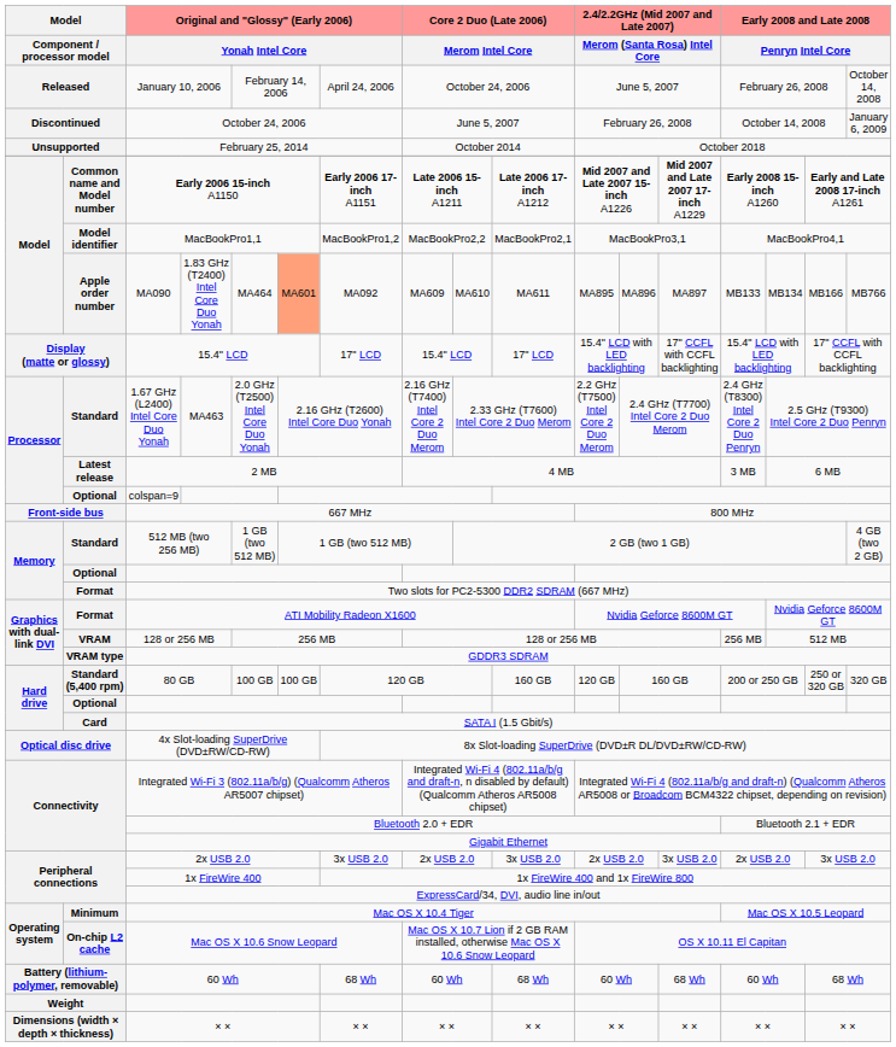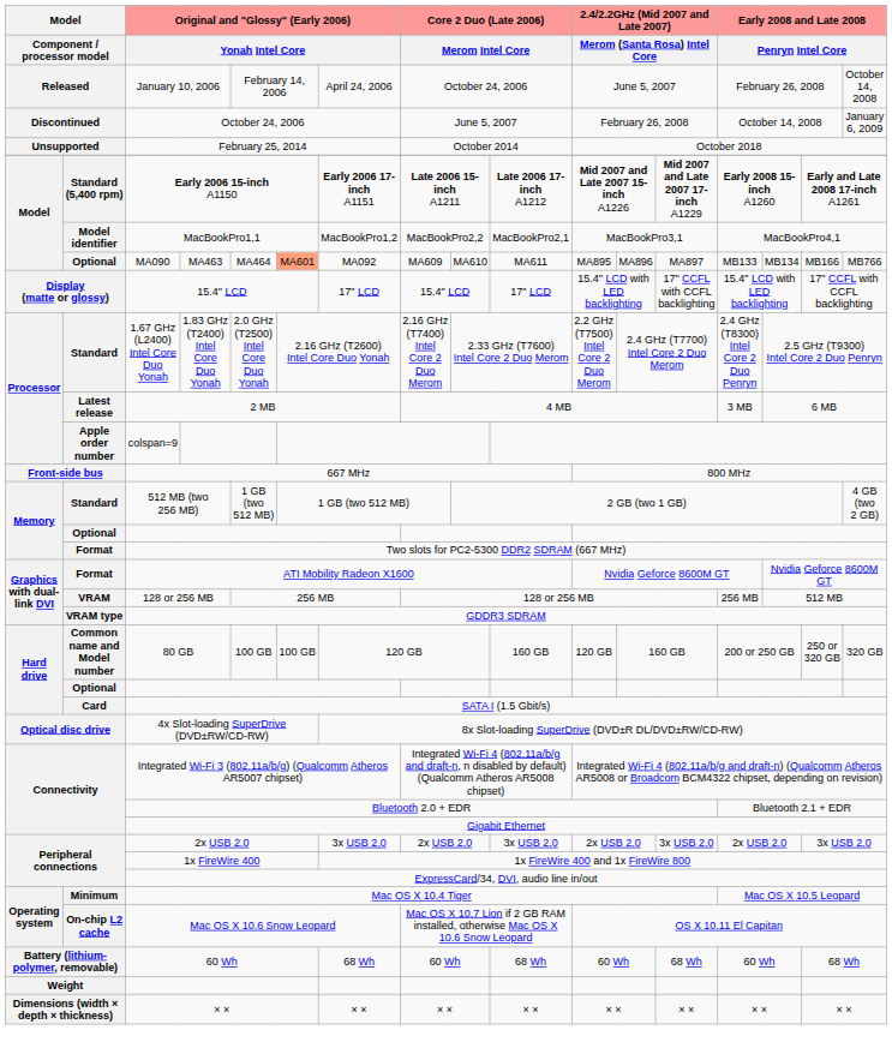 <table class="wikitable mw-collapsible" style="font-size:small; text-align:center">
 <tr>
 <th colspan=2>Model</th>
 <th colspan=5 style="background:#F99">Original and "Glossy" (Early 2006)</th>
 <th colspan=3 style="background:#F99">Core 2 Duo (Late 2006)</th>
 <th colspan=3 style="background:#F99">2.4/2.2GHz (Mid 2007 and Late 2007)</th>
 <th colspan=4 style="background:#F99">Early 2008 and Late 2008</th>
 </tr>
 <tr>
 <th colspan=2>Component / processor model</th>
 <th colspan=5><a href='#'>Yonah</a> <a href='#'>Intel Core</a></th>
 <th colspan=3><a href='#'>Merom</a> <a href='#'>Intel Core</a></th>
 <th colspan=3><a href='#'>Merom</a> (<a href='#'>Santa Rosa</a>) <a href='#'>Intel Core</a></th>
 <th colspan=4><a href='#'>Penryn</a> <a href='#'>Intel Core</a></th>
 </tr>
 <tr>
 <th colspan=2>Released</th>
 <td colspan=2>January 10, 2006</td>
 <td colspan=2>February 14, 2006</td>
 <td>April 24, 2006</td>
 <td colspan=3>October 24, 2006</td>
 <td colspan=3>June 5, 2007</td>
 <td colspan=3>February 26, 2008</td>
 <td>October 14, 2008</td>
 </tr>
 <tr>
 <th colspan=2>Discontinued</th>
 <td colspan=5>October 24, 2006</td>
 <td colspan=3>June 5, 2007</td>
 <td colspan=3>February 26, 2008</td>
 <td colspan=3>October 14, 2008</td>
 <td>January 6, 2009</td>
 </tr>
 <tr>
 <th colspan=2>Unsupported</th>
 <td colspan=5>February 25, 2014</td>
 <td colspan=3>October 2014</td>
 <td colspan=7>October 2018</td>
 </tr>
 <tr>
 </tr>
 <tr>
 <th rowspan=3>Model</th>
-<th>Common name and Model number</th>
+<th>Standard (5,400 rpm)</th>
 <td colspan=4><strong>Early 2006 15-inch</strong><br>A1150</td>
 <td><strong>Early 2006 17-inch</strong><br>A1151</td>
 <td colspan=2><strong>Late 2006 15-inch</strong><br>A1211</td>
 <td><strong>Late 2006 17-inch</strong><br>A1212</td>
 <td colspan=2><strong>Mid 2007 and Late 2007 15-inch</strong><br>A1226</td>
 <td><strong>Mid 2007 and Late 2007 17-inch</strong><br>A1229</td>
 <td colspan=2><strong>Early 2008 15-inch</strong><br>A1260</td>
 <td colspan=2><strong>Early and Late 2008 17-inch</strong><br>A1261</td>
 </tr>
 <tr>
 <th>Model identifier</th>
 <td colspan=4>MacBookPro1,1</td>
 <td>MacBookPro1,2</td>
 <td colspan=2>MacBookPro2,2</td>
 <td>MacBookPro2,1</td>
 <td colspan=3>MacBookPro3,1</td>
 <td colspan=4>MacBookPro4,1</td>
 </tr>
 <tr>
-<th>Apple order number</th>
+<th>Optional</th>
 <td>MA090</td>
-<td>1.83 GHz (T2400)<br><a href='#'>Intel Core Duo</a> <a href='#'>Yonah</a></td>
+<td>MA463</td>
 <td>MA464<br></td>
 <td style="background: lightsalmon;">MA601</td>
 <td>MA092</td>
 <td>MA609</td>
 <td>MA610</td>
 <td>MA611</td>
 <td>MA895</td>
 <td>MA896</td>
 <td>MA897</td>
 <td>MB133</td>
 <td>MB134</td>
 <td>MB166</td>
 <td>MB766</td>
 </tr>
 <tr>
 <th colspan=2><a href='#'>Display</a><br>(<a href='#'>matte</a> or <a href='#'>glossy</a>)</th>
 <td colspan=4>15.4" <a href='#'>LCD</a> </td>
 <td>17" <a href='#'>LCD</a> </td>
 <td colspan=2>15.4" <a href='#'>LCD</a> </td>
 <td>17" <a href='#'>LCD</a> </td>
 <td colspan=2>15.4" <a href='#'>LCD</a>  with <a href='#'>LED backlighting</a></td>
 <td>17" <a href='#'>CCFL</a>  with CCFL backlighting</td>
 <td colspan=2>15.4" <a href='#'>LCD</a>  with <a href='#'>LED backlighting</a></td>
 <td colspan=2>17" <a href='#'>CCFL</a>  with CCFL backlighting<br></td>
 </tr>
 <tr>
 <th rowspan=3><a href='#'>Processor</a></th>
 <th>Standard</th>
 <td>1.67 GHz (L2400)<br><a href='#'>Intel Core Duo</a> <a href='#'>Yonah</a></td>
-<td>MA463</td>
+<td>1.83 GHz (T2400)<br><a href='#'>Intel Core Duo</a> <a href='#'>Yonah</a></td>
 <td>2.0 GHz (T2500)<br><a href='#'>Intel Core Duo</a> <a href='#'>Yonah</a></td>
 <td colspan=2>2.16 GHz (T2600)<br><a href='#'>Intel Core Duo</a> <a href='#'>Yonah</a></td>
 <td>2.16 GHz (T7400)<br><a href='#'>Intel Core 2 Duo</a> <a href='#'>Merom</a></td>
 <td colspan=2>2.33 GHz (T7600)<br><a href='#'>Intel Core 2 Duo</a> <a href='#'>Merom</a></td>
 <td>2.2 GHz (T7500)<br><a href='#'>Intel Core 2 Duo</a> <a href='#'>Merom</a></td>
 <td colspan=2>2.4 GHz (T7700)<br><a href='#'>Intel Core 2 Duo</a> <a href='#'>Merom</a></td>
 <td>2.4 GHz (T8300)<br><a href='#'>Intel Core 2 Duo</a> <a href='#'>Penryn</a></td>
 <td colspan=3>2.5 GHz (T9300)<br><a href='#'>Intel Core 2 Duo</a> <a href='#'>Penryn</a></td>
 </tr>
 <tr>
 <th>Latest release</th>
 <td colspan=5>2 MB</td>
 <td colspan=6>4 MB</td>
 <td>3 MB</td>
 <td colspan=3>6 MB</td>
 </tr>
 <tr>
-<th>Optional</th>
+<th>Apple order number</th>
 <td>colspan=9 </td>
 <td colspan=2></td>
 <td colspan=4></td>
 </tr>
 <tr>
 <th colspan=2><a href='#'>Front-side bus</a></th>
 <td colspan=8>667 MHz</td>
 <td colspan=7>800 MHz</td>
 </tr>
 <tr>
 <th rowspan=3><a href='#'>Memory</a></th>
 <th>Standard</th>
 <td colspan=2>512 MB (two 256 MB)</td>
 <td>1 GB (two 512 MB)<br></td>
 <td colspan=3>1 GB (two 512 MB)</td>
 <td colspan=8>2 GB (two 1 GB)</td>
 <td>4 GB (two 2 GB)</td>
 </tr>
 <tr>
 <th>Optional</th>
 <td colspan=5></td>
 <td colspan=3></td>
 <td colspan=7></td>
 </tr>
 <tr>
 <th>Format</th>
 <td colspan=15>Two slots for PC2-5300 <a href='#'>DDR2</a> <a href='#'>SDRAM</a> (667 MHz)</td>
 </tr>
 <tr>
 <th rowspan=3><a href='#'>Graphics</a><br>with dual-link <a href='#'>DVI</a></th>
 <th>Format</th>
 <td colspan=8><a href='#'>ATI Mobility Radeon X1600</a></td>
 <td colspan=4><a href='#'>Nvidia</a> <a href='#'>Geforce</a> <a href='#'>8600M GT</a></td>
 <td colspan=3><a href='#'>Nvidia</a> <a href='#'>Geforce</a> <a href='#'>8600M GT</a></td>
 </tr>
 <tr>
 <th>VRAM</th>
 <td colspan=2>128 or 256 MB</td>
 <td colspan=3>256 MB</td>
 <td colspan=6>128 or 256 MB</td>
 <td>256 MB</td>
 <td colspan=3>512 MB</td>
 </tr>
 <tr>
 <th>VRAM type</th>
 <td colspan=15><a href='#'>GDDR3 SDRAM</a></td>
 </tr>
 <tr>
 <th rowspan=3><a href='#'>Hard drive</a></th>
-<th>Standard (5,400 rpm)</th>
+<th>Common name and Model number</th>
 <td colspan=2>80 GB</td>
 <td>100 GB </td>
 <td>100 GB</td>
 <td colspan=3>120 GB</td>
 <td>160 GB</td>
 <td>120 GB</td>
 <td colspan=2>160 GB</td>
 <td colspan=2>200 or 250 GB</td>
 <td>250 or 320 GB</td>
 <td>320 GB</td>
 </tr>
 <tr>
 <th>Optional</th>
 <td colspan=5></td>
 <td colspan=2></td>
 <td></td>
 <td></td>
 <td colspan=2></td>
 <td colspan=3></td>
 <td></td>
 </tr>
 <tr>
 <th>Card</th>
 <td colspan=15><a href='#'>SATA I</a> (1.5 Gbit/s)</td>
 </tr>
 <tr>
 <th colspan=2><a href='#'>Optical disc drive</a></th>
 <td colspan=4>4x Slot-loading <a href='#'>SuperDrive</a> (DVD±RW/CD-RW)</td>
 <td colspan=11>8x Slot-loading <a href='#'>SuperDrive</a> (DVD±R DL/DVD±RW/CD-RW)</td>
 </tr>
 <tr>
 <th colspan=2 rowspan=3>Connectivity</th>
 <td colspan=5>Integrated <a href='#'>Wi-Fi 3</a> (<a href='#'>802.11a/b/g</a>) (<a href='#'>Qualcomm</a> <a href='#'>Atheros</a> AR5007 chipset)</td>
 <td colspan=3>Integrated <a href='#'>Wi-Fi 4</a> (<a href='#'>802.11a/b/g and draft-n</a>, n disabled by default) (Qualcomm Atheros AR5008 chipset)</td>
 <td colspan=7>Integrated <a href='#'>Wi-Fi 4</a> (<a href='#'>802.11a/b/g and draft-n</a>) (<a href='#'>Qualcomm</a> <a href='#'>Atheros</a> AR5008 or <a href='#'>Broadcom</a> BCM4322 chipset, depending on revision)</td>
 </tr>
 <tr>
 <td colspan=11><a href='#'>Bluetooth</a> 2.0 + EDR</td>
 <td colspan=4>Bluetooth 2.1 + EDR</td>
 </tr>
 <tr>
 <td colspan=15><a href='#'>Gigabit Ethernet</a></td>
 </tr>
 <tr>
 <th colspan=2 rowspan=3>Peripheral connections</th>
 <td colspan=4>2x <a href='#'>USB 2.0</a></td>
 <td>3x <a href='#'>USB 2.0</a></td>
 <td colspan=2>2x <a href='#'>USB 2.0</a></td>
 <td>3x <a href='#'>USB 2.0</a></td>
 <td colspan=2>2x <a href='#'>USB 2.0</a></td>
 <td>3x <a href='#'>USB 2.0</a></td>
 <td colspan=2>2x <a href='#'>USB 2.0</a></td>
 <td colspan=4>3x <a href='#'>USB 2.0</a></td>
 </tr>
 <tr>
 <td colspan=4>1x <a href='#'>FireWire 400</a></td>
 <td colspan=11>1x <a href='#'>FireWire 400</a> and 1x <a href='#'>FireWire 800</a></td>
 </tr>
 <tr>
 <td colspan=15><a href='#'>ExpressCard</a>/34, <a href='#'>DVI</a>, audio line in/out</td>
 </tr>
 <tr>
 <th rowspan=2>Operating system</th>
 <th>Minimum</th>
 <td colspan=11><a href='#'>Mac OS X 10.4 Tiger</a></td>
 <td colspan=4><a href='#'>Mac OS X 10.5 Leopard</a></td>
 </tr>
 <tr>
 <th>On-chip <a href='#'>L2 cache</a></th>
 <td colspan=5><a href='#'>Mac OS X 10.6 Snow Leopard</a></td>
 <td colspan=3><a href='#'>Mac OS X 10.7 Lion</a> if 2 GB RAM installed, otherwise <a href='#'>Mac OS X 10.6 Snow Leopard</a></td>
 <td colspan=8><a href='#'>OS X 10.11 El Capitan</a></td>
 </tr>
 <tr>
 <th colspan=2>Battery (<a href='#'>lithium-polymer</a>, removable)</th>
 <td colspan=4>60 <a href='#'>Wh</a></td>
 <td>68 <a href='#'>Wh</a></td>
 <td colspan=2>60 <a href='#'>Wh</a></td>
 <td>68 <a href='#'>Wh</a></td>
 <td colspan=2>60 <a href='#'>Wh</a></td>
 <td>68 <a href='#'>Wh</a></td>
 <td colspan=2>60 <a href='#'>Wh</a></td>
 <td colspan=2>68 <a href='#'>Wh</a></td>
 </tr>
 <tr>
 <th colspan=2>Weight</th>
 <td colspan=4></td>
 <td></td>
 <td colspan=2></td>
 <td></td>
 <td colspan=2></td>
 <td></td>
 <td colspan=2></td>
 <td colspan=2></td>
 </tr>
 <tr>
 <th colspan=2>Dimensions (width × depth × thickness)</th>
 <td colspan=4> ×  × </td>
 <td> ×  × </td>
 <td colspan=2> ×  × </td>
 <td> ×  × </td>
 <td colspan=2> ×  × </td>
 <td> ×  × </td>
 <td colspan=2> ×  × </td>
 <td colspan=2> ×  × </td>
 </tr>
 </table>
